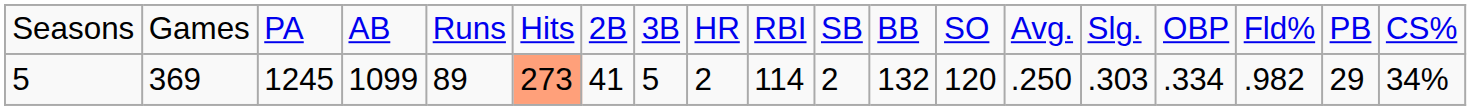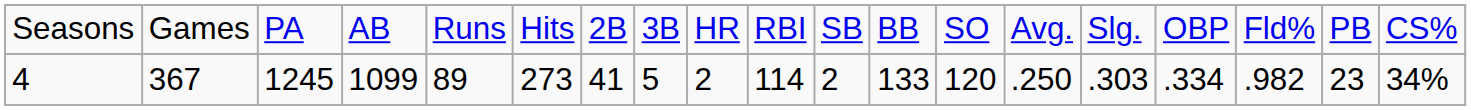 <table class="wikitable">
 <tr>
 <td>Seasons</td>
 <td>Games</td>
 <td><a href='#'>PA</a></td>
 <td><a href='#'>AB</a></td>
 <td><a href='#'>Runs</a></td>
 <td><a href='#'>Hits</a></td>
 <td><a href='#'>2B</a></td>
 <td><a href='#'>3B</a></td>
 <td><a href='#'>HR</a></td>
 <td><a href='#'>RBI</a></td>
 <td><a href='#'>SB</a></td>
 <td><a href='#'>BB</a></td>
 <td><a href='#'>SO</a></td>
 <td><a href='#'>Avg.</a></td>
 <td><a href='#'>Slg.</a></td>
 <td><a href='#'>OBP</a></td>
 <td><a href='#'>Fld%</a></td>
 <td><a href='#'>PB</a></td>
 <td><a href='#'>CS%</a></td>
 </tr>
 <tr>
-<td>5</td>
-<td>369</td>
+<td>4</td>
+<td>367</td>
 <td>1245</td>
 <td>1099</td>
 <td>89</td>
-<td style="background: lightsalmon;">273</td>
+<td>273</td>
 <td>41</td>
 <td>5</td>
 <td>2</td>
 <td>114</td>
 <td>2</td>
-<td>132</td>
+<td>133</td>
 <td>120</td>
 <td>.250</td>
 <td>.303</td>
 <td>.334</td>
 <td>.982</td>
-<td>29</td>
+<td>23</td>
 <td>34%</td>
 </tr>
 </table>
